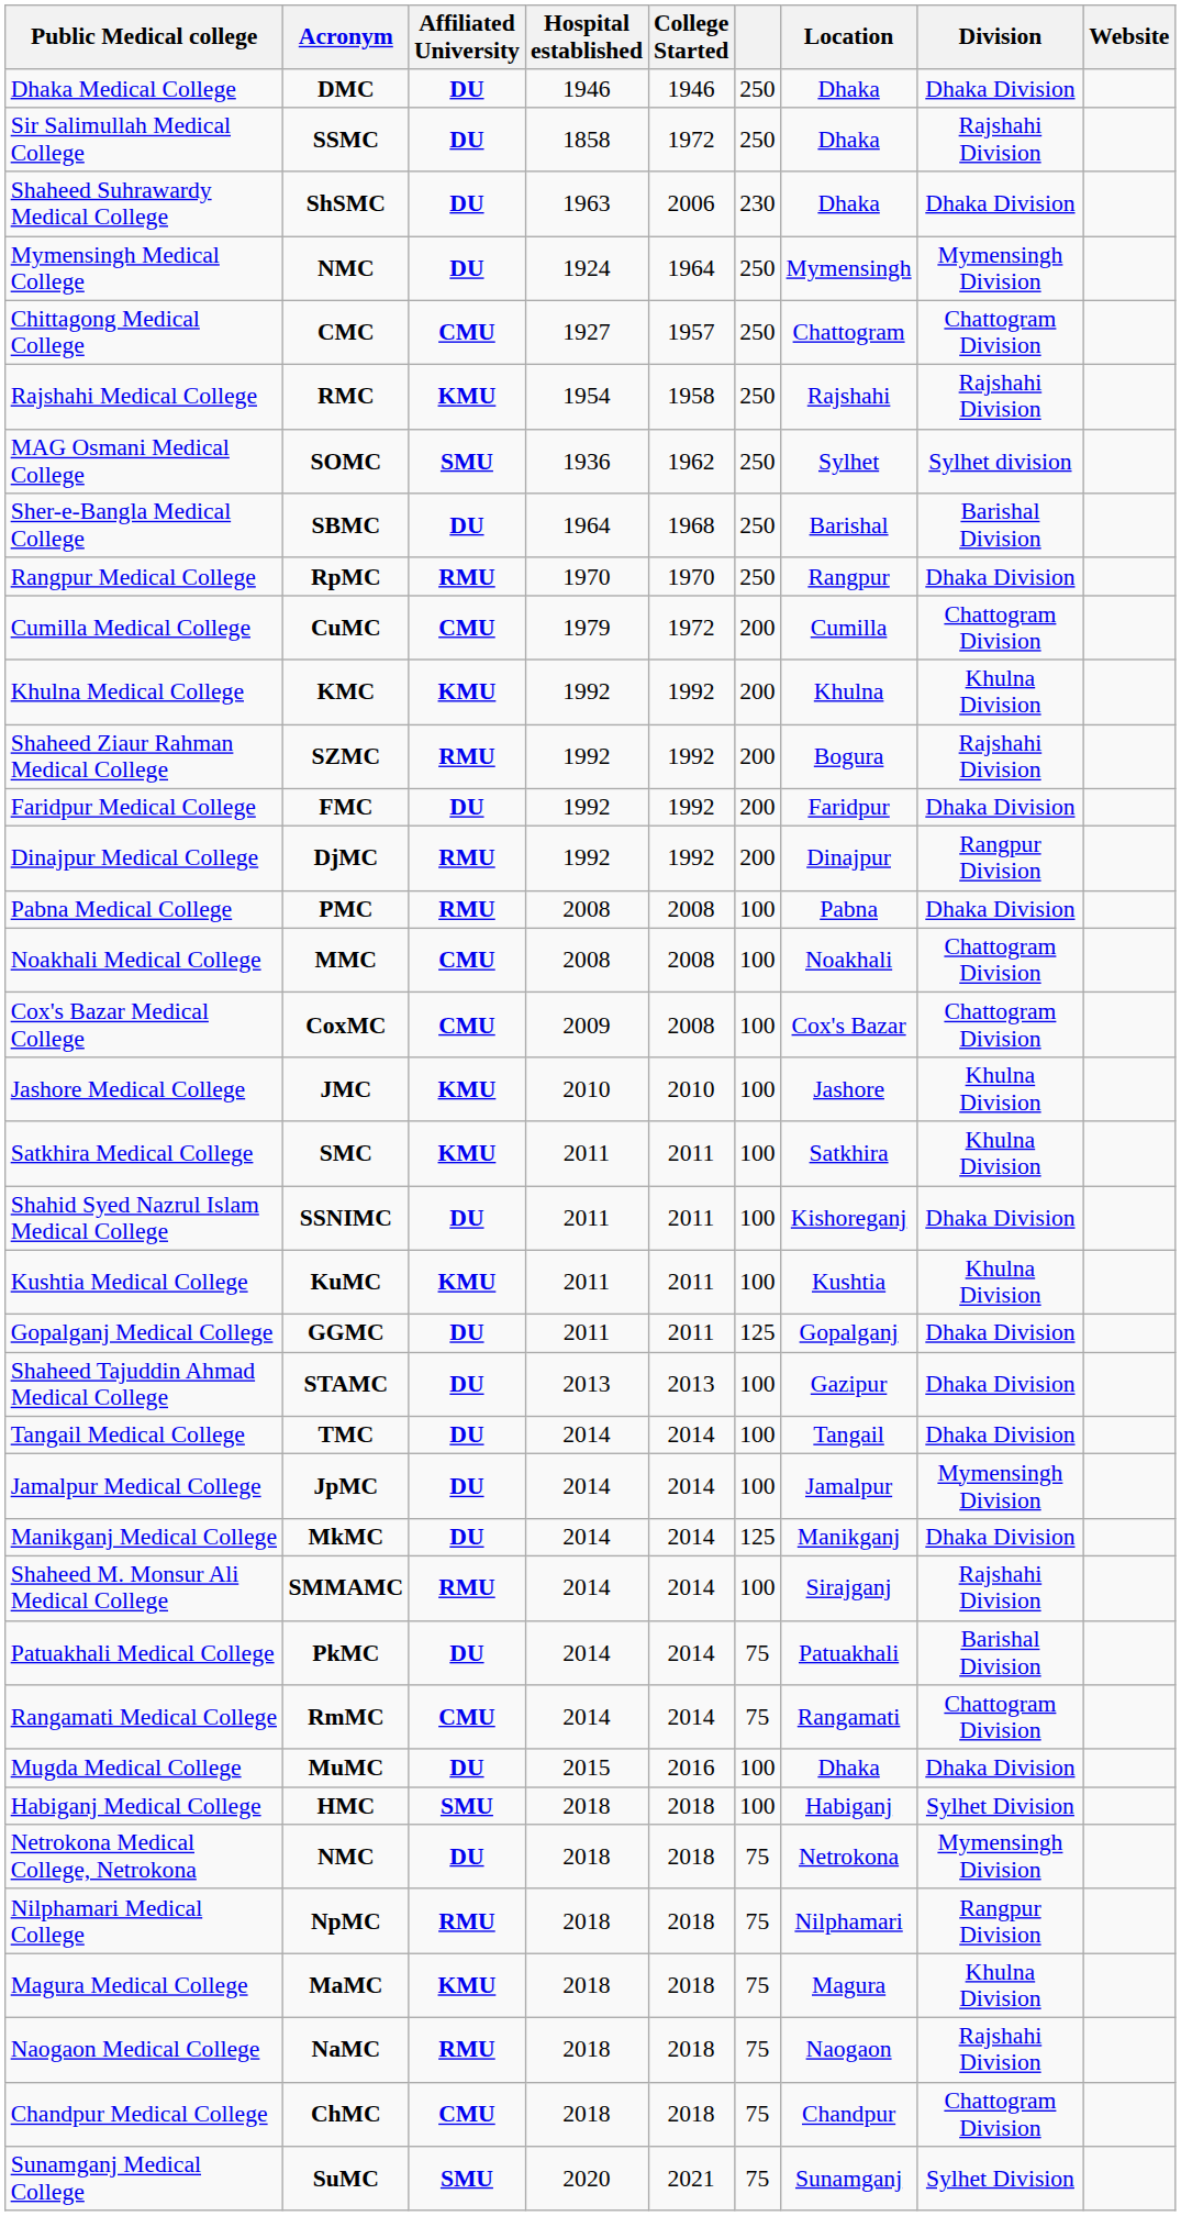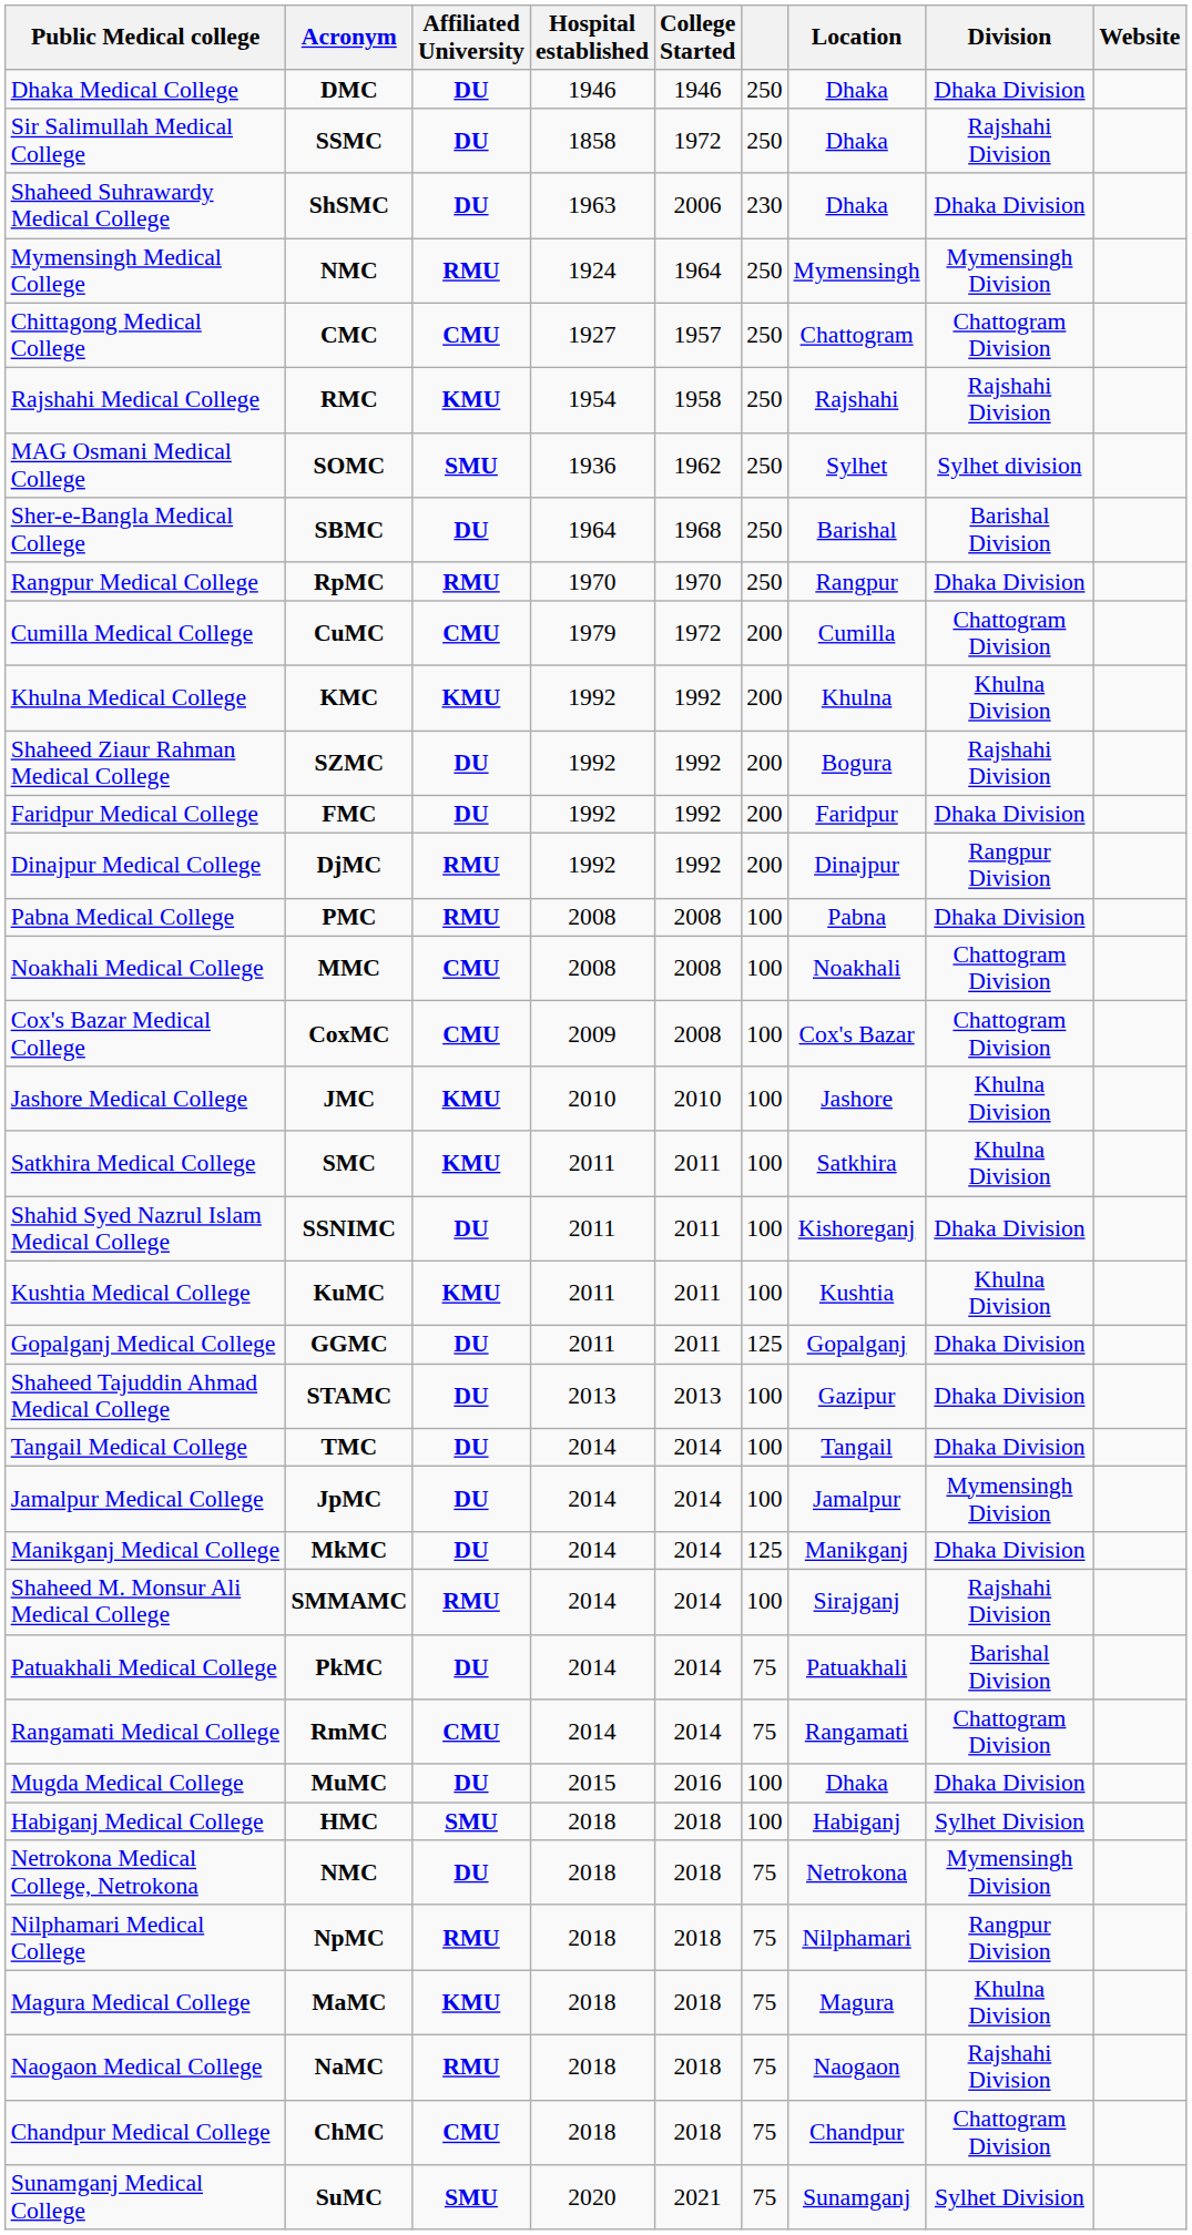 <table class="wikitable sortable static-row-numbers static-row-header-text defaultleft col2right hover-highlight">
 <tr>
 <th style="width:180px;">Public Medical college</th>
 <th class="unsortable"><a href='#'>Acronym</a></th>
 <th style="width:30px;">Affiliated University</th>
 <th style="width:50px;">Hospital<br>established</th>
 <th>College<br> Started</th>
 <th></th>
 <th style="width:65px;">Location</th>
 <th style="width:105px;">Division</th>
 <th class="unsortable">Website<br></th>
 </tr>
 <tr>
 <td><a href='#'>Dhaka Medical College</a></td>
 <td align="center"><strong>DMC</strong></td>
 <td align="center"><a href='#'><strong>DU</strong></a></td>
 <td align="center">1946</td>
 <td align="center">1946</td>
 <td align="center">250</td>
 <td align="center"><a href='#'>Dhaka</a></td>
 <td align="center"><a href='#'>Dhaka Division</a></td>
 <td align="center"><br></td>
 </tr>
 <tr>
 <td><a href='#'>Sir Salimullah Medical College</a></td>
 <td align="center"><strong>SSMC</strong></td>
 <td align="center"><a href='#'><strong>DU</strong></a></td>
 <td align="center">1858</td>
 <td align="center">1972</td>
 <td align="center">250</td>
 <td align="center"><a href='#'>Dhaka</a></td>
 <td align="center"><a href='#'>Rajshahi Division</a></td>
 <td align="center"></td>
 </tr>
 <tr>
 <td><a href='#'>Shaheed Suhrawardy Medical College</a></td>
 <td align="center"><strong>ShSMC</strong></td>
 <td align="center"><a href='#'><strong>DU</strong></a></td>
 <td align="center">1963</td>
 <td align="center">2006</td>
 <td align="center">230</td>
 <td align="center"><a href='#'>Dhaka</a></td>
 <td align="center"><a href='#'>Dhaka Division</a></td>
 <td align="center"></td>
 </tr>
 <tr>
 <td><a href='#'>Mymensingh Medical College</a></td>
 <td align="center"><strong>NMC</strong></td>
-<td align="center"><a href='#'><strong>DU</strong></a></td>
+<td align="center"><a href='#'><strong>RMU</strong></a></td>
 <td align="center">1924</td>
 <td align="center">1964</td>
 <td align="center">250</td>
 <td align="center"><a href='#'>Mymensingh</a></td>
 <td align="center"><a href='#'>Mymensingh Division</a></td>
 <td align="center"></td>
 </tr>
 <tr>
 <td><a href='#'>Chittagong Medical College</a></td>
 <td align="center"><strong>CMC</strong></td>
 <td align="center"><a href='#'><strong>CMU</strong></a></td>
 <td align="center">1927</td>
 <td align="center">1957</td>
 <td align="center">250</td>
 <td align="center"><a href='#'>Chattogram</a></td>
 <td align="center"><a href='#'>Chattogram Division</a></td>
 <td align="center"></td>
 </tr>
 <tr>
 <td><a href='#'>Rajshahi Medical College</a></td>
 <td align="center"><strong>RMC</strong></td>
 <td align="center"><a href='#'><strong>KMU</strong></a></td>
 <td align="center">1954</td>
 <td align="center">1958</td>
 <td align="center">250</td>
 <td align="center"><a href='#'>Rajshahi</a></td>
 <td align="center"><a href='#'>Rajshahi Division</a></td>
 <td align="center"></td>
 </tr>
 <tr>
 <td><a href='#'>MAG Osmani Medical College</a></td>
 <td align="center"><strong>SOMC</strong></td>
 <td align="center"><a href='#'><strong>SMU</strong></a></td>
 <td align="center">1936</td>
 <td align="center">1962</td>
 <td align="center">250</td>
 <td align="center"><a href='#'>Sylhet</a></td>
 <td align="center"><a href='#'>Sylhet division</a></td>
 <td align="center"></td>
 </tr>
 <tr>
 <td><a href='#'>Sher-e-Bangla Medical College</a></td>
 <td align="center"><strong>SBMC</strong></td>
 <td align="center"><a href='#'><strong>DU</strong></a></td>
 <td align="center">1964</td>
 <td align="center">1968</td>
 <td align="center">250</td>
 <td align="center"><a href='#'>Barishal</a></td>
 <td align="center"><a href='#'>Barishal Division</a></td>
 <td align="center"></td>
 </tr>
 <tr>
 <td><a href='#'>Rangpur Medical College</a></td>
 <td align="center"><strong>RpMC</strong></td>
 <td align="center"><a href='#'><strong>RMU</strong></a></td>
 <td align="center">1970</td>
 <td align="center">1970</td>
 <td align="center">250</td>
 <td align="center"><a href='#'>Rangpur</a></td>
 <td align="center"><a href='#'>Dhaka Division</a></td>
 <td align="center"></td>
 </tr>
 <tr>
 <td><a href='#'>Cumilla Medical College</a></td>
 <td align="center"><strong>CuMC</strong></td>
 <td align="center"><a href='#'><strong>CMU</strong></a></td>
 <td align="center">1979</td>
 <td align="center">1972</td>
 <td align="center">200</td>
 <td align="center"><a href='#'>Cumilla</a></td>
 <td align="center"><a href='#'>Chattogram Division</a></td>
 <td align="center"></td>
 </tr>
 <tr>
 <td><a href='#'>Khulna Medical College</a></td>
 <td align="center"><strong>KMC</strong></td>
 <td align="center"><a href='#'><strong>KMU</strong></a></td>
 <td align="center">1992</td>
 <td align="center">1992</td>
 <td align="center">200</td>
 <td align="center"><a href='#'>Khulna</a></td>
 <td align="center"><a href='#'>Khulna Division</a></td>
 <td align="center"></td>
 </tr>
 <tr>
 <td><a href='#'>Shaheed Ziaur Rahman Medical College</a></td>
 <td align="center"><strong>SZMC</strong></td>
-<td align="center"><a href='#'><strong>RMU</strong></a></td>
+<td align="center"><a href='#'><strong>DU</strong></a></td>
 <td align="center">1992</td>
 <td align="center">1992</td>
 <td align="center">200</td>
 <td align="center"><a href='#'>Bogura</a></td>
 <td align="center"><a href='#'>Rajshahi Division</a></td>
 <td align="center"></td>
 </tr>
 <tr>
 <td><a href='#'>Faridpur Medical College</a></td>
 <td align="center"><strong>FMC</strong></td>
 <td align="center"><a href='#'><strong>DU</strong></a></td>
 <td align="center">1992</td>
 <td align="center">1992</td>
 <td align="center">200</td>
 <td align="center"><a href='#'>Faridpur</a></td>
 <td align="center"><a href='#'>Dhaka Division</a></td>
 <td align="center"></td>
 </tr>
 <tr>
 <td><a href='#'>Dinajpur Medical College</a></td>
 <td align="center"><strong>DjMC</strong></td>
 <td align="center"><a href='#'><strong>RMU</strong></a></td>
 <td align="center">1992</td>
 <td align="center">1992</td>
 <td align="center">200</td>
 <td align="center"><a href='#'>Dinajpur</a></td>
 <td align="center"><a href='#'>Rangpur Division</a></td>
 <td align="center"></td>
 </tr>
 <tr>
 <td><a href='#'>Pabna Medical College</a></td>
 <td align="center"><strong>PMC</strong></td>
 <td align="center"><a href='#'><strong>RMU</strong></a></td>
 <td align="center">2008</td>
 <td align="center">2008</td>
 <td align="center">100</td>
 <td align="center"><a href='#'>Pabna</a></td>
 <td align="center"><a href='#'>Dhaka Division</a></td>
 <td align="center"></td>
 </tr>
 <tr>
 <td><a href='#'>Noakhali Medical College</a></td>
 <td align="center"><strong>MMC</strong></td>
 <td align="center"><a href='#'><strong>CMU</strong></a></td>
 <td align="center">2008</td>
 <td align="center">2008</td>
 <td align="center">100</td>
 <td align="center"><a href='#'>Noakhali</a></td>
 <td align="center"><a href='#'>Chattogram Division</a></td>
 <td align="center"></td>
 </tr>
 <tr>
 <td><a href='#'>Cox's Bazar Medical College</a></td>
 <td align="center"><strong>CoxMC</strong></td>
 <td align="center"><a href='#'><strong>CMU</strong></a></td>
 <td align="center">2009</td>
 <td align="center">2008</td>
 <td align="center">100</td>
 <td align="center"><a href='#'>Cox's Bazar</a></td>
 <td align="center"><a href='#'>Chattogram Division</a></td>
 <td align="center"></td>
 </tr>
 <tr>
 <td><a href='#'>Jashore Medical College</a></td>
 <td align="center"><strong>JMC</strong></td>
 <td align="center"><a href='#'><strong>KMU</strong></a></td>
 <td align="center">2010</td>
 <td align="center">2010</td>
 <td align="center">100</td>
 <td align="center"><a href='#'>Jashore</a></td>
 <td align="center"><a href='#'>Khulna Division</a></td>
 <td align="center"></td>
 </tr>
 <tr>
 <td><a href='#'>Satkhira Medical College</a></td>
 <td align="center"><strong>SMC</strong></td>
 <td align="center"><a href='#'><strong>KMU</strong></a></td>
 <td align="center">2011</td>
 <td align="center">2011</td>
 <td align="center">100</td>
 <td align="center"><a href='#'>Satkhira</a></td>
 <td align="center"><a href='#'>Khulna Division</a></td>
 <td align="center"></td>
 </tr>
 <tr>
 <td><a href='#'>Shahid Syed Nazrul Islam Medical College</a></td>
 <td align="center"><strong>SSNIMC</strong></td>
 <td align="center"><a href='#'><strong>DU</strong></a></td>
 <td align="center">2011</td>
 <td align="center">2011</td>
 <td align="center">100</td>
 <td align="center"><a href='#'>Kishoreganj</a></td>
 <td align="center"><a href='#'>Dhaka Division</a></td>
 <td align="center"></td>
 </tr>
 <tr>
 <td><a href='#'>Kushtia Medical College</a></td>
 <td align="center"><strong>KuMC</strong></td>
 <td align="center"><a href='#'><strong>KMU</strong></a></td>
 <td align="center">2011</td>
 <td align="center">2011</td>
 <td align="center">100</td>
 <td align="center"><a href='#'>Kushtia</a></td>
 <td align="center"><a href='#'>Khulna Division</a></td>
 <td align="center"></td>
 </tr>
 <tr>
 <td><a href='#'>Gopalganj Medical College</a></td>
 <td align="center"><strong>GGMC</strong></td>
 <td align="center"><a href='#'><strong>DU</strong></a></td>
 <td align="center">2011</td>
 <td align="center">2011</td>
 <td align="center">125</td>
 <td align="center"><a href='#'>Gopalganj</a></td>
 <td align="center"><a href='#'>Dhaka Division</a></td>
 <td align="center"></td>
 </tr>
 <tr>
 <td><a href='#'>Shaheed Tajuddin Ahmad Medical College</a></td>
 <td align="center"><strong>STAMC</strong></td>
 <td align="center"><a href='#'><strong>DU</strong></a></td>
 <td align="center">2013</td>
 <td align="center">2013</td>
 <td align="center">100</td>
 <td align="center"><a href='#'>Gazipur</a></td>
 <td align="center"><a href='#'>Dhaka Division</a></td>
 <td align="center"></td>
 </tr>
 <tr>
 <td><a href='#'>Tangail Medical College</a></td>
 <td align="center"><strong>TMC</strong></td>
 <td align="center"><a href='#'><strong>DU</strong></a></td>
 <td align="center">2014</td>
 <td align="center">2014</td>
 <td align="center">100</td>
 <td align="center"><a href='#'>Tangail</a></td>
 <td align="center"><a href='#'>Dhaka Division</a></td>
 <td align="center"></td>
 </tr>
 <tr>
 <td><a href='#'>Jamalpur Medical College</a></td>
 <td align="center"><strong>JpMC</strong></td>
 <td align="center"><a href='#'><strong>DU</strong></a></td>
 <td align="center">2014</td>
 <td align="center">2014</td>
 <td align="center">100</td>
 <td align="center"><a href='#'>Jamalpur</a></td>
 <td align="center"><a href='#'>Mymensingh Division</a></td>
 <td align="center"></td>
 </tr>
 <tr>
 <td><a href='#'>Manikganj Medical College</a></td>
 <td align="center"><strong>MkMC</strong></td>
 <td align="center"><a href='#'><strong>DU</strong></a></td>
 <td align="center">2014</td>
 <td align="center">2014</td>
 <td align="center">125</td>
 <td align="center"><a href='#'>Manikganj</a></td>
 <td align="center"><a href='#'>Dhaka Division</a></td>
 <td align="center"></td>
 </tr>
 <tr>
 <td><a href='#'>Shaheed M. Monsur Ali Medical College</a></td>
 <td align="center"><strong>SMMAMC</strong></td>
 <td align="center"><a href='#'><strong>RMU</strong></a></td>
 <td align="center">2014</td>
 <td align="center">2014</td>
 <td align="center">100</td>
 <td align="center"><a href='#'>Sirajganj</a></td>
 <td align="center"><a href='#'>Rajshahi Division</a></td>
 <td align="center"></td>
 </tr>
 <tr>
 <td><a href='#'>Patuakhali Medical College</a></td>
 <td align="center"><strong>PkMC</strong></td>
 <td align="center"><a href='#'><strong>DU</strong></a></td>
 <td align="center">2014</td>
 <td align="center">2014</td>
 <td align="center">75</td>
 <td align="center"><a href='#'>Patuakhali</a></td>
 <td align="center"><a href='#'>Barishal Division</a></td>
 <td align="center"></td>
 </tr>
 <tr>
 <td><a href='#'>Rangamati Medical College</a></td>
 <td align="center"><strong>RmMC</strong></td>
 <td align="center"><a href='#'><strong>CMU</strong></a></td>
 <td align="center">2014</td>
 <td align="center">2014</td>
 <td align="center">75</td>
 <td align="center"><a href='#'>Rangamati</a></td>
 <td align="center"><a href='#'>Chattogram Division</a></td>
 <td align="center"></td>
 </tr>
 <tr>
 <td><a href='#'>Mugda Medical College</a></td>
 <td align="center"><strong>MuMC</strong></td>
 <td align="center"><a href='#'><strong>DU</strong></a></td>
 <td align="center">2015</td>
 <td align="center">2016</td>
 <td align="center">100</td>
 <td align="center"><a href='#'>Dhaka</a></td>
 <td align="center"><a href='#'>Dhaka Division</a></td>
 <td align="center"></td>
 </tr>
 <tr>
 <td><a href='#'>Habiganj Medical College</a></td>
 <td align="center"><strong>HMC</strong></td>
 <td align="center"><a href='#'><strong>SMU</strong></a></td>
 <td align="center">2018</td>
 <td align="center">2018</td>
 <td align="center">100</td>
 <td align="center"><a href='#'>Habiganj</a></td>
 <td align="center"><a href='#'>Sylhet Division</a></td>
 <td align="center"></td>
 </tr>
 <tr>
 <td><a href='#'>Netrokona Medical College, Netrokona</a></td>
 <td align="center"><strong>NMC</strong></td>
 <td align="center"><a href='#'><strong>DU</strong></a></td>
 <td align="center">2018</td>
 <td align="center">2018</td>
 <td align="center">75</td>
 <td align="center"><a href='#'>Netrokona</a></td>
 <td align="center"><a href='#'>Mymensingh Division</a></td>
 <td align="center"></td>
 </tr>
 <tr>
 <td><a href='#'>Nilphamari Medical College</a></td>
 <td align="center"><strong>NpMC</strong></td>
 <td align="center"><a href='#'><strong>RMU</strong></a></td>
 <td align="center">2018</td>
 <td align="center">2018</td>
 <td align="center">75</td>
 <td align="center"><a href='#'>Nilphamari</a></td>
 <td align="center"><a href='#'>Rangpur Division</a></td>
 <td align="center"></td>
 </tr>
 <tr>
 <td><a href='#'>Magura Medical College</a></td>
 <td align="center"><strong>MaMC</strong></td>
 <td align="center"><a href='#'><strong>KMU</strong></a></td>
 <td align="center">2018</td>
 <td align="center">2018</td>
 <td align="center">75</td>
 <td align="center"><a href='#'>Magura</a></td>
 <td align="center"><a href='#'>Khulna Division</a></td>
 <td align="center"></td>
 </tr>
 <tr>
 <td><a href='#'>Naogaon Medical College</a></td>
 <td align="center"><strong>NaMC</strong></td>
 <td align="center"><a href='#'><strong>RMU</strong></a></td>
 <td align="center">2018</td>
 <td align="center">2018</td>
 <td align="center">75</td>
 <td align="center"><a href='#'>Naogaon</a></td>
 <td align="center"><a href='#'>Rajshahi Division</a></td>
 <td align="center"></td>
 </tr>
 <tr>
 <td><a href='#'>Chandpur Medical College</a></td>
 <td align="center"><strong>ChMC</strong></td>
 <td align="center"><a href='#'><strong>CMU</strong></a></td>
 <td align="center">2018</td>
 <td align="center">2018</td>
 <td align="center">75</td>
 <td align="center"><a href='#'>Chandpur</a></td>
 <td align="center"><a href='#'>Chattogram Division</a></td>
 <td align="center"></td>
 </tr>
 <tr>
 <td><a href='#'>Sunamganj Medical College</a></td>
 <td align="center"><strong>SuMC</strong></td>
 <td align="center"><a href='#'><strong>SMU</strong></a></td>
 <td align="center">2020</td>
 <td align="center">2021</td>
 <td align="center">75</td>
 <td align="center"><a href='#'>Sunamganj</a></td>
 <td align="center"><a href='#'>Sylhet Division</a></td>
 <td align="center"></td>
 </tr>
 </table>
